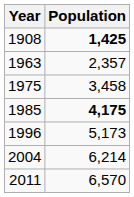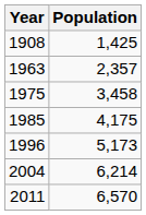 <table class="wikitable" style="line-height:1.1em;">
 <tr>
 <th>Year</th>
 <th>Population</th>
 </tr>
 <tr align="right">
 <td>1908</td>
-<td><strong>1,425</strong></td>
+<td>1,425</td>
 </tr>
 <tr align="right">
 <td>1963</td>
 <td>2,357</td>
 </tr>
 <tr align="right">
 <td>1975</td>
 <td>3,458</td>
 </tr>
 <tr align="right">
 <td>1985</td>
-<td><strong>4,175</strong></td>
+<td>4,175</td>
 </tr>
 <tr align="right">
 <td>1996</td>
 <td>5,173</td>
 </tr>
 <tr align="right">
 <td>2004</td>
 <td>6,214</td>
 </tr>
 <tr align="right">
 <td>2011</td>
 <td>6,570</td>
 </tr>
 </table>
